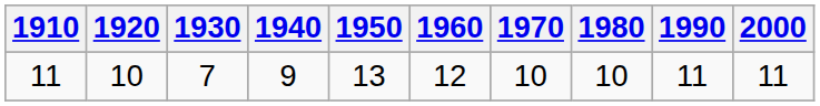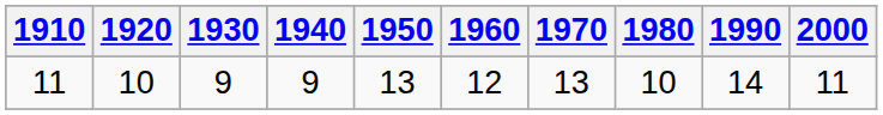 <table class=wikitable style="text-align:center">
 <tr>
 <th><a href='#'>1910</a></th>
 <th><a href='#'>1920</a></th>
 <th><a href='#'>1930</a></th>
 <th><a href='#'>1940</a></th>
 <th><a href='#'>1950</a></th>
 <th><a href='#'>1960</a></th>
 <th><a href='#'>1970</a></th>
 <th><a href='#'>1980</a></th>
 <th><a href='#'>1990</a></th>
 <th><a href='#'>2000</a></th>
 </tr>
 <tr>
 <td>11</td>
 <td>10</td>
-<td>7</td>
+<td>9</td>
 <td>9</td>
 <td>13</td>
 <td>12</td>
+<td>13</td>
 <td>10</td>
-<td>10</td>
-<td>11</td>
+<td>14</td>
 <td>11</td>
 </tr>
 </table>
